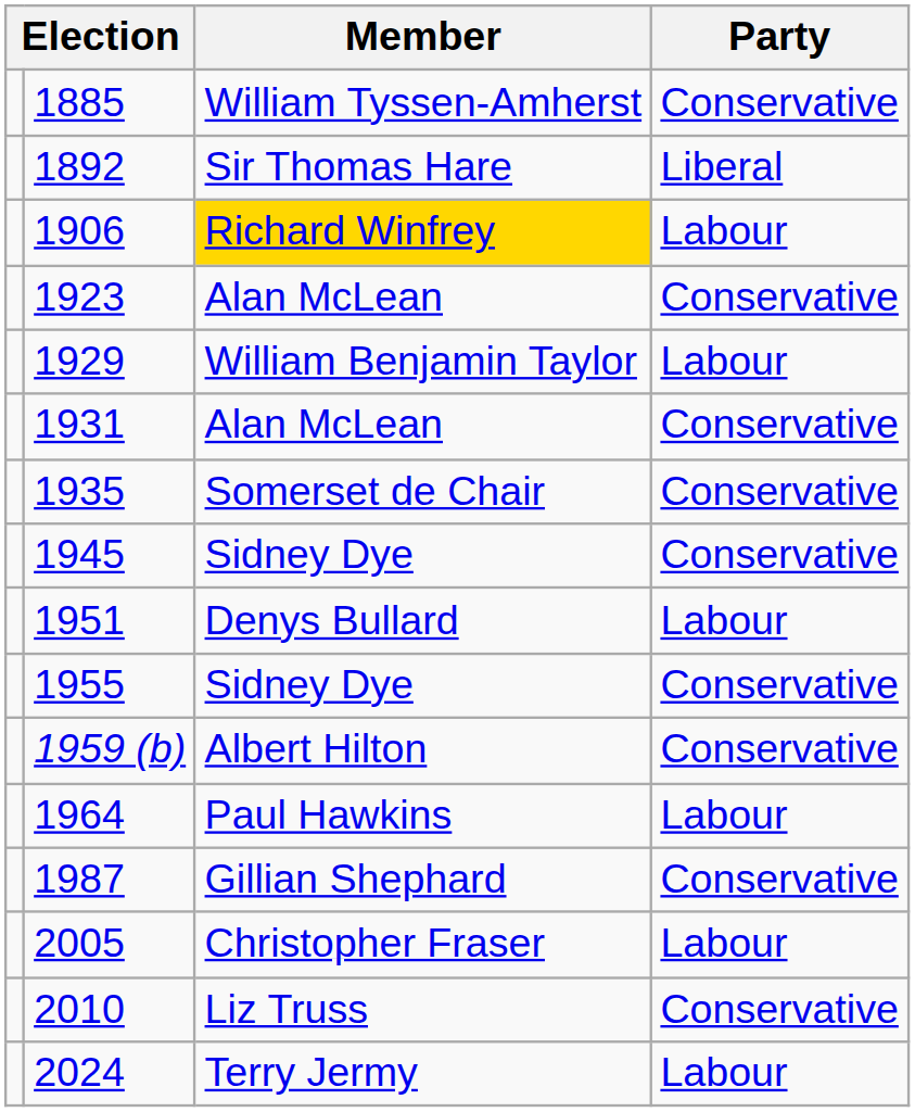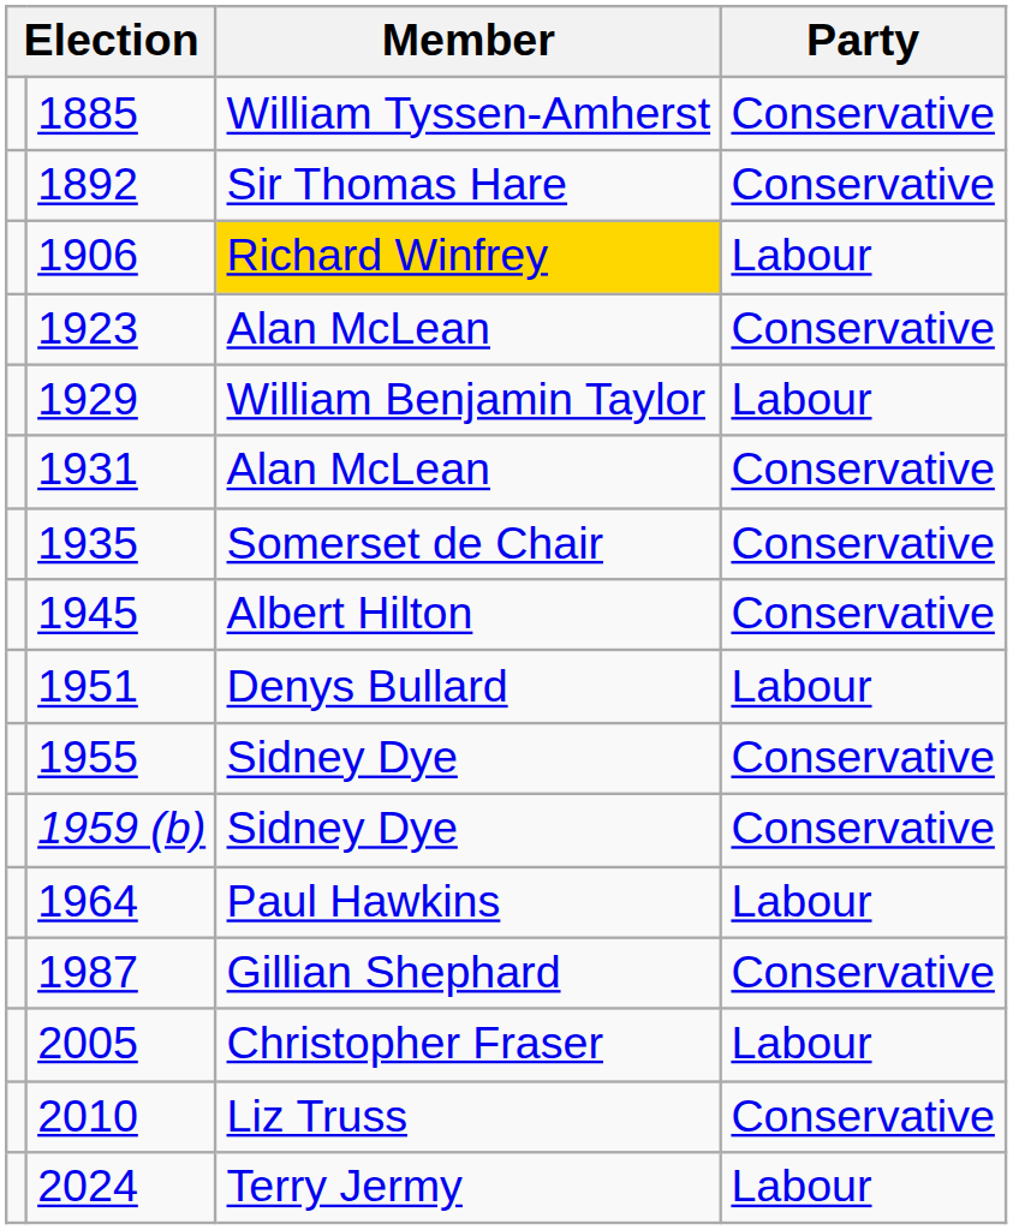 <table class="wikitable">
 <tr>
 <th colspan="2">Election</th>
 <th>Member</th>
 <th>Party</th>
 </tr>
 <tr>
 <td style="color:inherit;background-color: "></td>
 <td><a href='#'>1885</a></td>
 <td><a href='#'>William Tyssen-Amherst</a></td>
 <td><a href='#'>Conservative</a></td>
 </tr>
 <tr>
 <td style="color:inherit;background-color: "></td>
 <td><a href='#'>1892</a></td>
 <td><a href='#'>Sir Thomas Hare</a></td>
-<td><a href='#'>Liberal</a></td>
+<td><a href='#'>Conservative</a></td>
 </tr>
 <tr>
 <td style="color:inherit;background-color: "></td>
 <td><a href='#'>1906</a></td>
 <td style="background: gold;"><a href='#'>Richard Winfrey</a></td>
 <td><a href='#'>Labour</a></td>
 </tr>
 <tr>
 <td style="color:inherit;background-color: "></td>
 <td><a href='#'>1923</a></td>
 <td><a href='#'>Alan McLean</a></td>
 <td><a href='#'>Conservative</a></td>
 </tr>
 <tr>
 <td style="color:inherit;background-color: "></td>
 <td><a href='#'>1929</a></td>
 <td><a href='#'>William Benjamin Taylor</a></td>
 <td><a href='#'>Labour</a></td>
 </tr>
 <tr>
 <td style="color:inherit;background-color: "></td>
 <td><a href='#'>1931</a></td>
 <td><a href='#'>Alan McLean</a></td>
 <td><a href='#'>Conservative</a></td>
 </tr>
 <tr>
 <td style="color:inherit;background-color: "></td>
 <td><a href='#'>1935</a></td>
 <td><a href='#'>Somerset de Chair</a></td>
 <td><a href='#'>Conservative</a></td>
 </tr>
 <tr>
 <td style="color:inherit;background-color: "></td>
 <td><a href='#'>1945</a></td>
-<td><a href='#'>Sidney Dye</a></td>
+<td><a href='#'>Albert Hilton</a></td>
 <td><a href='#'>Conservative</a></td>
 </tr>
 <tr>
 <td style="color:inherit;background-color: "></td>
 <td><a href='#'>1951</a></td>
 <td><a href='#'>Denys Bullard</a></td>
 <td><a href='#'>Labour</a></td>
 </tr>
 <tr>
 <td style="color:inherit;background-color: "></td>
 <td><a href='#'>1955</a></td>
 <td><a href='#'>Sidney Dye</a></td>
 <td><a href='#'>Conservative</a></td>
 </tr>
 <tr>
 <td style="color:inherit;background-color: "></td>
 <td><em><a href='#'>1959 (b)</a></em></td>
-<td><a href='#'>Albert Hilton</a></td>
+<td><a href='#'>Sidney Dye</a></td>
 <td><a href='#'>Conservative</a></td>
 </tr>
 <tr>
 <td style="color:inherit;background-color: "></td>
 <td><a href='#'>1964</a></td>
 <td><a href='#'>Paul Hawkins</a></td>
 <td><a href='#'>Labour</a></td>
 </tr>
 <tr>
 <td style="color:inherit;background-color: "></td>
 <td><a href='#'>1987</a></td>
 <td><a href='#'>Gillian Shephard</a></td>
 <td><a href='#'>Conservative</a></td>
 </tr>
 <tr>
 <td style="color:inherit;background-color: "></td>
 <td><a href='#'>2005</a></td>
 <td><a href='#'>Christopher Fraser</a></td>
 <td><a href='#'>Labour</a></td>
 </tr>
 <tr>
 <td style="color:inherit;background-color: "></td>
 <td><a href='#'>2010</a></td>
 <td><a href='#'>Liz Truss</a></td>
 <td><a href='#'>Conservative</a></td>
 </tr>
 <tr>
 <td style="color:inherit;background-color: "></td>
 <td><a href='#'>2024</a></td>
 <td><a href='#'>Terry Jermy</a></td>
 <td><a href='#'>Labour</a></td>
 </tr>
 </table>
